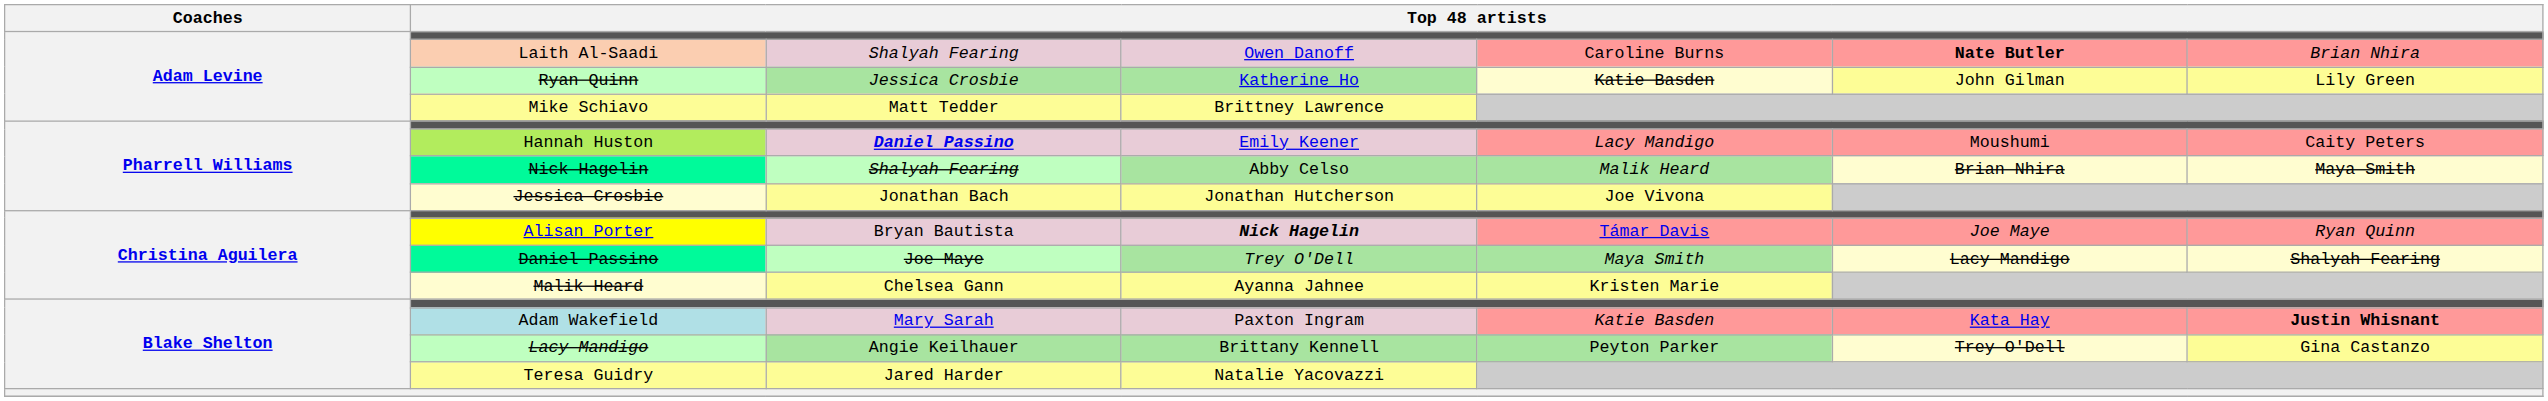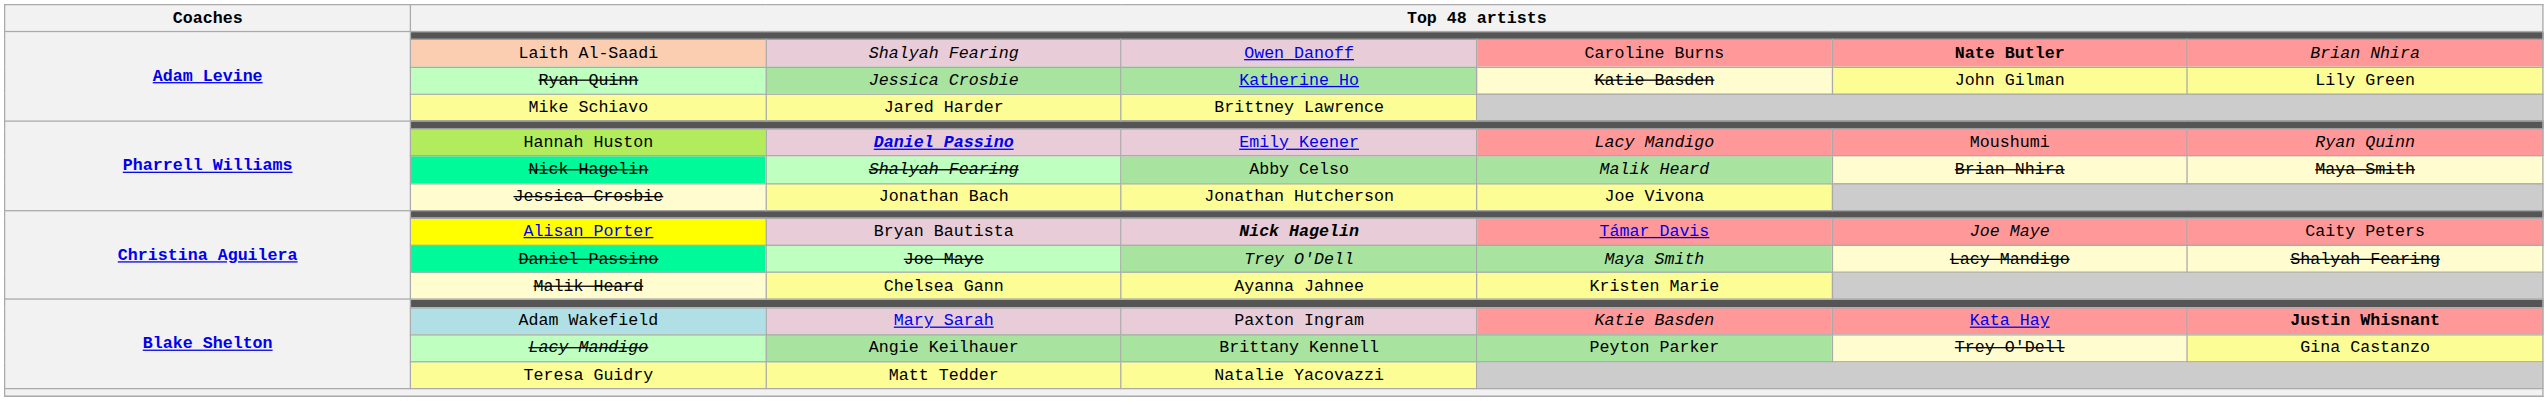 <table class="wikitable" style="text-align:center; width:100%;">
 <tr>
 <th scope="col" style="width:16%;">Coaches</th>
 <th scope="col" style="width:84%;" colspan="10">Top 48 artists</th>
 </tr>
 <tr>
 <th rowspan="4"><a href='#'>Adam Levine</a></th>
 <td colspan="6" style="background:#555;"></td>
 </tr>
 <tr>
 <td width="14%" style="background:#FBCEB1;">Laith Al-Saadi</td>
 <td width="14%" style="background:#E8CCD7;"><em>Shalyah Fearing</em></td>
 <td width="14%" style="background:#E8CCD7;"><a href='#'>Owen Danoff</a></td>
 <td width="14%" style="background:#f99;">Caroline Burns</td>
 <td width="14%" style="background:#f99;"><strong>Nate Butler</strong></td>
 <td width="14%" style="background:#f99;"><em>Brian Nhira</em></td>
 </tr>
 <tr>
 <td style="background:#BFFFC0;"><s>Ryan Quinn</s></td>
 <td style="background:#A8E4A0;"><em>Jessica Crosbie</em></td>
 <td style="background:#A8E4A0;"><a href='#'>Katherine Ho</a></td>
 <td style="background:#FFFDD0;"><s>Katie Basden</s></td>
 <td style="background:#FDFD96;">John Gilman</td>
 <td style="background:#FDFD96;">Lily Green</td>
 </tr>
 <tr>
 <td style="background:#FDFD96;">Mike Schiavo</td>
-<td style="background:#FDFD96;">Matt Tedder</td>
+<td style="background:#FDFD96;">Jared Harder</td>
 <td style="background:#FDFD96;">Brittney Lawrence</td>
 <td style="background:#ccc;" colspan="3"></td>
 </tr>
 <tr>
 <th rowspan="4"><a href='#'>Pharrell Williams</a></th>
 <td colspan="6" style="background:#555;"></td>
 </tr>
 <tr>
 <td style="background:#B2EC5D">Hannah Huston</td>
 <td style="background:#E8CCD7;"><strong><em><a href='#'>Daniel Passino</a></em></strong></td>
 <td style="background:#E8CCD7;"><a href='#'>Emily Keener</a></td>
 <td style="background:#f99;"><em>Lacy Mandigo</em></td>
 <td style="background:#f99;">Moushumi</td>
-<td style="background:#f99;">Caity Peters</td>
+<td style="background:#f99;"><em>Ryan Quinn</em></td>
 </tr>
 <tr>
 <td style="background:#00fa9a;"><s>Nick Hagelin</s></td>
 <td style="background:#BFFFC0;"><s><em>Shalyah Fearing</em></s></td>
 <td style="background:#A8E4A0;">Abby Celso</td>
 <td style="background:#A8E4A0;"><em>Malik Heard</em></td>
 <td style="background:#FFFDD0;"><s>Brian Nhira</s></td>
 <td style="background:#FFFDD0;"><s>Maya Smith</s></td>
 </tr>
 <tr>
 <td style="background:#FFFDD0;"><s>Jessica Crosbie</s></td>
 <td style="background:#FDFD96;">Jonathan Bach</td>
 <td style="background:#FDFD96;">Jonathan Hutcherson</td>
 <td style="background:#FDFD96;">Joe Vivona</td>
 <td style="background:#ccc;" colspan="2"></td>
 </tr>
 <tr>
 <th rowspan="4"><a href='#'>Christina Aguilera</a></th>
 <td colspan="6" style="background:#555;"></td>
 </tr>
 <tr>
 <td style="background:yellow;"><a href='#'>Alisan Porter</a></td>
 <td style="background:#E8CCD7;">Bryan Bautista</td>
 <td style="background:#E8CCD7;"><strong><em>Nick Hagelin</em></strong></td>
 <td style="background:#f99;"><a href='#'>Támar Davis</a></td>
 <td style="background:#f99;"><em>Joe Maye</em></td>
-<td style="background:#f99;"><em>Ryan Quinn</em></td>
+<td style="background:#f99;">Caity Peters</td>
 </tr>
 <tr>
 <td style="background:#00fa9a;"><s>Daniel Passino</s></td>
 <td style="background:#BFFFC0;"><s>Joe Maye</s></td>
 <td style="background:#A8E4A0;"><em>Trey O'Dell</em></td>
 <td style="background:#A8E4A0;"><em>Maya Smith</em></td>
 <td style="background:#FFFDD0;"><s>Lacy Mandigo</s></td>
 <td style="background:#FFFDD0;"><s>Shalyah Fearing</s></td>
 </tr>
 <tr>
 <td style="background:#FFFDD0;"><s> Malik Heard</s></td>
 <td style="background:#FDFD96;">Chelsea Gann</td>
 <td style="background:#FDFD96;">Ayanna Jahnee</td>
 <td style="background:#FDFD96;">Kristen Marie</td>
 <td style="background:#ccc;" colspan="2"></td>
 </tr>
 <tr>
 <th rowspan="4"><a href='#'>Blake Shelton</a></th>
 <td colspan="6" style="background:#555;"></td>
 </tr>
 <tr>
 <td style="background:#B0E0E6;">Adam Wakefield</td>
 <td style="background:#E8CCD7;"><a href='#'>Mary Sarah</a></td>
 <td style="background:#E8CCD7;">Paxton Ingram</td>
 <td style="background:#f99;"><em>Katie Basden</em></td>
 <td style="background:#f99;"><a href='#'>Kata Hay</a></td>
 <td style="background:#f99;"><strong>Justin Whisnant</strong></td>
 </tr>
 <tr>
 <td style="background:#BFFFC0;"><s> <em>Lacy Mandigo</em></s></td>
 <td style="background:#A8E4A0;">Angie Keilhauer</td>
 <td style="background:#A8E4A0;">Brittany Kennell</td>
 <td style="background:#A8E4A0;">Peyton Parker</td>
 <td style="background:#FFFDD0;"><s>Trey O'Dell</s></td>
 <td style="background:#FDFD96;">Gina Castanzo</td>
 </tr>
 <tr>
 <td style="background:#FDFD96;">Teresa Guidry</td>
-<td style="background:#FDFD96;">Jared Harder</td>
+<td style="background:#FDFD96;">Matt Tedder</td>
 <td style="background:#FDFD96;">Natalie Yacovazzi</td>
 <td style="background:#ccc;" colspan="3"></td>
 </tr>
 <tr>
 <th style="font-size:90%; line-height:12px;" colspan="7"><small></small></th>
 </tr>
 <tr>
 </tr>
 </table>
